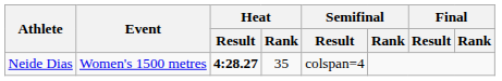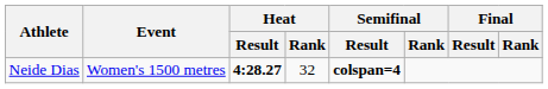 <table class="wikitable"  style=font-size:90%>
 <tr>
 <th rowspan="2">Athlete</th>
 <th rowspan="2">Event</th>
 <th colspan="2">Heat</th>
 <th colspan="2">Semifinal</th>
 <th colspan="2">Final</th>
 </tr>
 <tr>
 <th>Result</th>
 <th>Rank</th>
 <th>Result</th>
 <th>Rank</th>
 <th>Result</th>
 <th>Rank</th>
 </tr>
 <tr style=text-align:center>
 <td style=text-align:left><a href='#'>Neide Dias</a></td>
 <td style=text-align:left><a href='#'>Women's 1500 metres</a></td>
 <td><strong>4:28.27</strong></td>
-<td>35</td>
-<td>colspan=4 </td>
+<td>32</td>
+<td><strong>colspan=4 </strong></td>
 </tr>
 </table>
